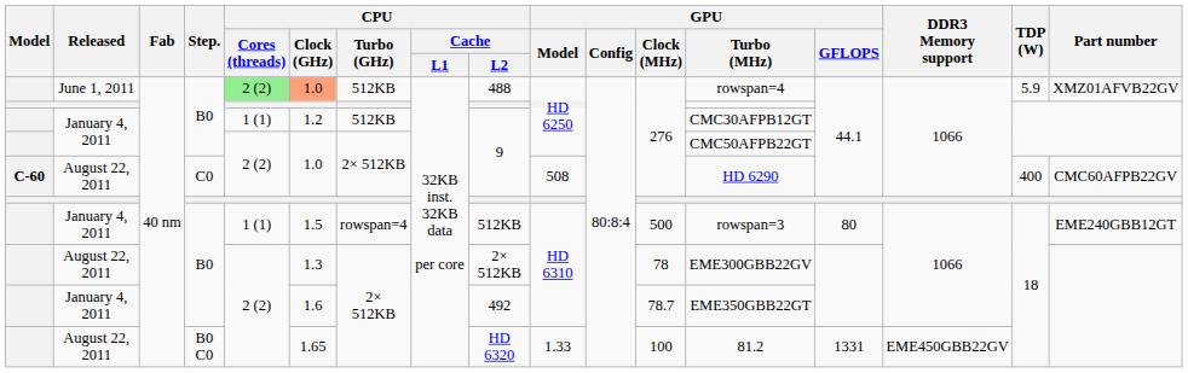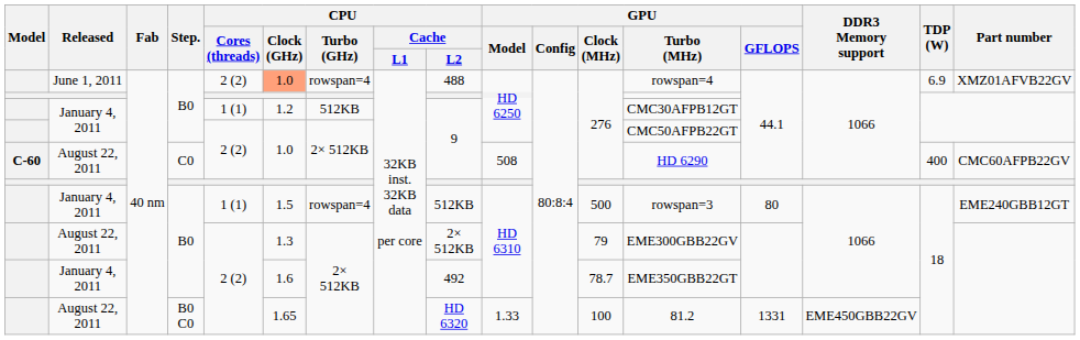 <table class="wikitable sortable sort-under" style="text-align: center">
 <tr>
 <th rowspan=3>Model</th>
 <th rowspan=3>Released</th>
 <th rowspan=3>Fab</th>
 <th rowspan=3>Step.</th>
 <th colspan="5">CPU</th>
 <th colspan=5>GPU</th>
 <th rowspan=3>DDR3<br>Memory<br>support</th>
 <th rowspan=3>TDP<br>(W)</th>
 <th rowspan=3>Part number</th>
 </tr>
 <tr>
 <th rowspan=2><a href='#'>Cores</a><br><a href='#'>(threads)</a></th>
 <th rowspan=2>Clock<br>(GHz)</th>
 <th rowspan=2>Turbo<br>(GHz)</th>
 <th colspan="2"><a href='#'>Cache</a></th>
 <th rowspan=2>Model</th>
 <th rowspan=2>Config</th>
 <th rowspan=2>Clock<br>(MHz)</th>
 <th rowspan=2>Turbo<br>(MHz)</th>
 <th rowspan=2><a href='#'>GFLOPS</a></th>
 </tr>
 <tr>
 <th><a href='#'>L1</a></th>
 <th><a href='#'>L2</a></th>
 </tr>
 <tr>
 <th></th>
 <td>June 1, 2011</td>
 <td rowspan=10>40 nm</td>
 <td rowspan=4>B0</td>
-<td style="background: lightgreen;">2 (2)</td>
+<td>2 (2)</td>
 <td style="background: lightsalmon;">1.0</td>
-<td>512KB</td>
+<td>rowspan=4 </td>
 <td rowspan=10>32KB inst.<br>32KB data<br><br>per core</td>
 <td>488</td>
 <td rowspan=4><a href='#'>HD 6250</a></td>
 <td rowspan=10>80:8:4</td>
 <td rowspan=5>276</td>
 <td>rowspan=4 </td>
 <td rowspan=5>44.1</td>
 <td rowspan=5>1066</td>
-<td>5.9</td>
+<td>6.9</td>
 <td>XMZ01AFVB22GV</td>
 </tr>
 <tr>
 <th colspan="2"></th>
 <th colspan="2"></th>
 <th></th>
 <th colspan="2"></th>
 </tr>
 <tr>
 <th></th>
 <td rowspan=2>January 4, 2011</td>
 <td>1 (1)</td>
 <td>1.2</td>
 <td>512KB</td>
 <td rowspan=3>9</td>
 <td>CMC30AFPB12GT</td>
 </tr>
 <tr>
 <th></th>
 <td rowspan=2>2 (2)</td>
 <td rowspan=2>1.0</td>
 <td rowspan=2>2× 512KB</td>
 <td>CMC50AFPB22GT</td>
 </tr>
 <tr>
 <th>C-60</th>
 <td>August 22, 2011</td>
 <td>C0</td>
 <td>508</td>
 <td><a href='#'>HD 6290</a></td>
 <td>400</td>
 <td>CMC60AFPB22GV</td>
 </tr>
 <tr>
 <th colspan="2"></th>
 <th colspan="4"></th>
 <th></th>
 <th></th>
 <th colspan="6"></th>
 </tr>
 <tr>
 <th></th>
 <td>January 4, 2011</td>
 <td rowspan=3>B0</td>
 <td>1 (1)</td>
 <td>1.5</td>
 <td>rowspan=4 </td>
 <td>512KB</td>
 <td rowspan=3><a href='#'>HD 6310</a></td>
 <td>500</td>
 <td>rowspan=3 </td>
 <td>80</td>
 <td rowspan=3>1066</td>
 <td rowspan=4>18</td>
 <td>EME240GBB12GT</td>
 </tr>
 <tr>
 <th></th>
 <td>August 22, 2011</td>
 <td rowspan=3>2 (2)</td>
 <td>1.3</td>
 <td rowspan=3>2×<br>512KB</td>
 <td>2× 512KB</td>
-<td>78</td>
+<td>79</td>
 <td>EME300GBB22GV</td>
 </tr>
 <tr>
 <th></th>
 <td>January 4, 2011</td>
 <td>1.6</td>
 <td>492</td>
 <td>78.7</td>
 <td>EME350GBB22GT</td>
 </tr>
 <tr>
 <th></th>
 <td>August 22, 2011</td>
 <td>B0<br>C0</td>
 <td>1.65</td>
 <td><a href='#'>HD 6320</a></td>
 <td>1.33</td>
 <td>100</td>
 <td>81.2</td>
 <td>1331</td>
 <td>EME450GBB22GV</td>
 </tr>
 </table>
